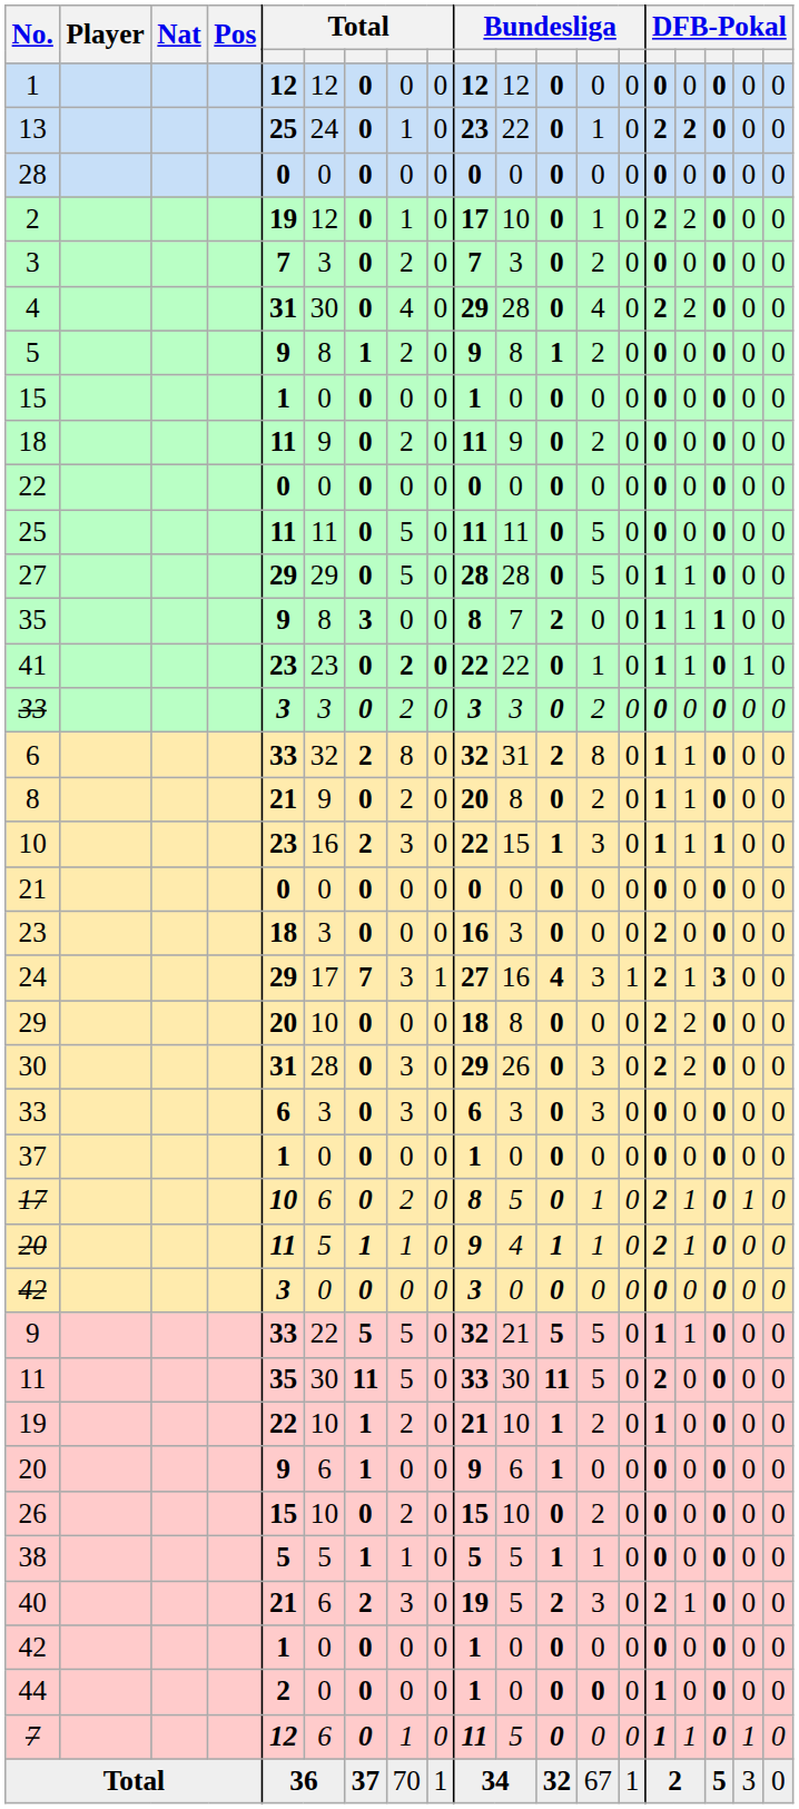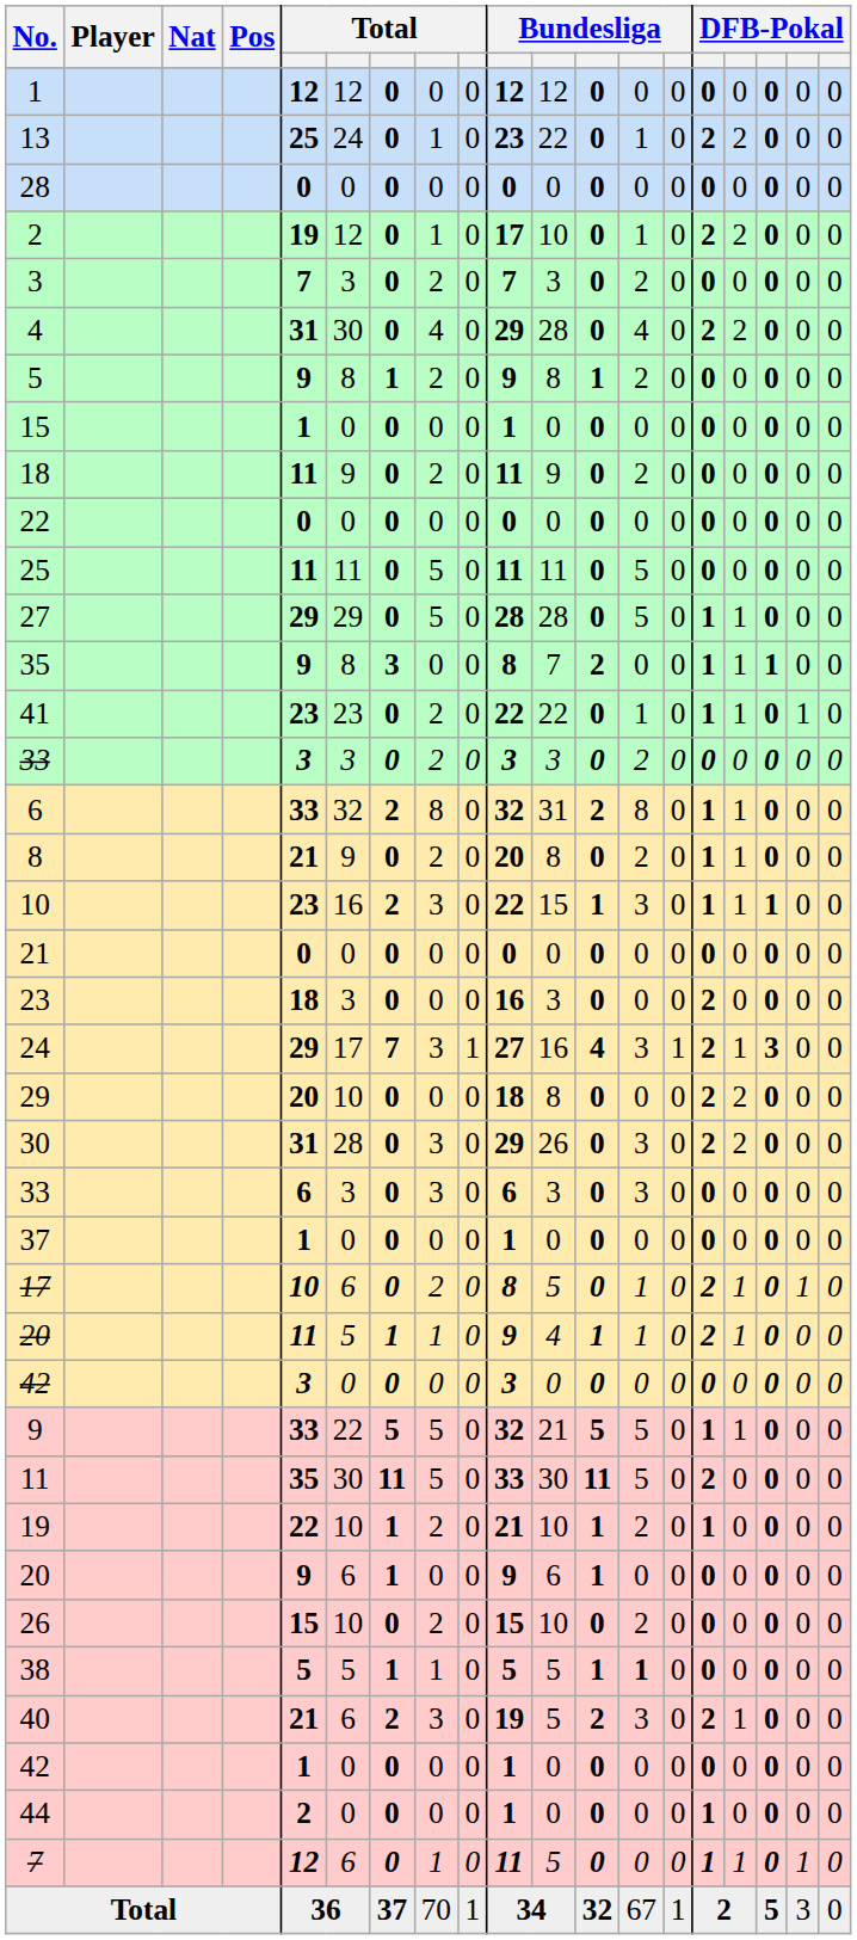 <table class="wikitable mw-datatable sortable nowrap" style=text-align:center>
 <tr>
 <th rowspan="2"><a href='#'>No.</a></th>
 <th rowspan="2">Player</th>
 <th rowspan="2"><a href='#'>Nat</a></th>
 <th rowspan="2" style="border-right: 1pt black solid"><a href='#'>Pos</a></th>
 <th colspan="5" style="border-right: 1pt black solid">Total</th>
 <th colspan="5" style="border-right: 1pt black solid"><a href='#'>Bundesliga</a></th>
 <th colspan="5"><a href='#'>DFB-Pokal</a></th>
 </tr>
 <tr>
 <th></th>
 <th></th>
 <th></th>
 <th></th>
 <th style="border-right: 1pt black solid"></th>
 <th></th>
 <th></th>
 <th></th>
 <th></th>
 <th style="border-right: 1pt black solid"></th>
 <th></th>
 <th></th>
 <th></th>
 <th></th>
 <th></th>
 </tr>
 <tr style="background:#C7DFF8">
 <td>1</td>
 <td align="left"></td>
 <td></td>
 <td style="border-right: 1pt black solid"></td>
 <td><strong>12</strong></td>
 <td>12</td>
 <td><strong>0</strong></td>
 <td>0</td>
 <td style="border-right: 1pt black solid">0</td>
 <td><strong>12</strong></td>
 <td>12</td>
 <td><strong>0</strong></td>
 <td>0</td>
 <td style="border-right: 1pt black solid">0</td>
 <td><strong>0</strong></td>
 <td>0</td>
 <td><strong>0</strong></td>
 <td>0</td>
 <td>0</td>
 </tr>
 <tr style="background:#c7dff8">
 <td>13</td>
 <td align="left"></td>
 <td></td>
 <td style="border-right: 1pt black solid"></td>
 <td><strong>25</strong></td>
 <td>24</td>
 <td><strong>0</strong></td>
 <td>1</td>
 <td style="border-right: 1pt black solid">0</td>
 <td><strong>23</strong></td>
 <td>22</td>
 <td><strong>0</strong></td>
 <td>1</td>
 <td style="border-right: 1pt black solid">0</td>
 <td><strong>2</strong></td>
-<td><strong>2</strong></td>
+<td>2</td>
 <td><strong>0</strong></td>
 <td>0</td>
 <td>0</td>
 </tr>
 <tr style="background:#c7dff8">
 <td>28</td>
 <td align="left"></td>
 <td></td>
 <td style="border-right: 1pt black solid"></td>
 <td><strong>0</strong></td>
 <td>0</td>
 <td><strong>0</strong></td>
 <td>0</td>
 <td style="border-right: 1pt black solid">0</td>
 <td><strong>0</strong></td>
 <td>0</td>
 <td><strong>0</strong></td>
 <td>0</td>
 <td style="border-right: 1pt black solid">0</td>
 <td><strong>0</strong></td>
 <td>0</td>
 <td><strong>0</strong></td>
 <td>0</td>
 <td>0</td>
 </tr>
 <tr style="background:#B9FFC5">
 <td>2</td>
 <td align="left"></td>
 <td></td>
 <td style="border-right: 1pt black solid"></td>
 <td><strong>19</strong></td>
 <td>12</td>
 <td><strong>0</strong></td>
 <td>1</td>
 <td style="border-right: 1pt black solid">0</td>
 <td><strong>17</strong></td>
 <td>10</td>
 <td><strong>0</strong></td>
 <td>1</td>
 <td style="border-right: 1pt black solid">0</td>
 <td><strong>2</strong></td>
 <td>2</td>
 <td><strong>0</strong></td>
 <td>0</td>
 <td>0</td>
 </tr>
 <tr style="background:#B9FFC5">
 <td>3</td>
 <td align="left"></td>
 <td></td>
 <td style="border-right: 1pt black solid"></td>
 <td><strong>7</strong></td>
 <td>3</td>
 <td><strong>0</strong></td>
 <td>2</td>
 <td style="border-right: 1pt black solid">0</td>
 <td><strong>7</strong></td>
 <td>3</td>
 <td><strong>0</strong></td>
 <td>2</td>
 <td style="border-right: 1pt black solid">0</td>
 <td><strong>0</strong></td>
 <td>0</td>
 <td><strong>0</strong></td>
 <td>0</td>
 <td>0</td>
 </tr>
 <tr style="background:#B9FFC5">
 <td>4</td>
 <td align="left"></td>
 <td></td>
 <td style="border-right: 1pt black solid"></td>
 <td><strong>31</strong></td>
 <td>30</td>
 <td><strong>0</strong></td>
 <td>4</td>
 <td style="border-right: 1pt black solid">0</td>
 <td><strong>29</strong></td>
 <td>28</td>
 <td><strong>0</strong></td>
 <td>4</td>
 <td style="border-right: 1pt black solid">0</td>
 <td><strong>2</strong></td>
 <td>2</td>
 <td><strong>0</strong></td>
 <td>0</td>
 <td>0</td>
 </tr>
 <tr style="background:#B9FFC5">
 <td>5</td>
 <td align="left"></td>
 <td></td>
 <td style="border-right: 1pt black solid"></td>
 <td><strong>9</strong></td>
 <td>8</td>
 <td><strong>1</strong></td>
 <td>2</td>
 <td style="border-right: 1pt black solid">0</td>
 <td><strong>9</strong></td>
 <td>8</td>
 <td><strong>1</strong></td>
 <td>2</td>
 <td style="border-right: 1pt black solid">0</td>
 <td><strong>0</strong></td>
 <td>0</td>
 <td><strong>0</strong></td>
 <td>0</td>
 <td>0</td>
 </tr>
 <tr style="background:#B9FFC5">
 <td>15</td>
 <td align="left"></td>
 <td></td>
 <td style="border-right: 1pt black solid"></td>
 <td><strong>1</strong></td>
 <td>0</td>
 <td><strong>0</strong></td>
 <td>0</td>
 <td style="border-right: 1pt black solid">0</td>
 <td><strong>1</strong></td>
 <td>0</td>
 <td><strong>0</strong></td>
 <td>0</td>
 <td style="border-right: 1pt black solid">0</td>
 <td><strong>0</strong></td>
 <td>0</td>
 <td><strong>0</strong></td>
 <td>0</td>
 <td>0</td>
 </tr>
 <tr style="background:#B9FFC5">
 <td>18</td>
 <td align="left"></td>
 <td></td>
 <td style="border-right: 1pt black solid"></td>
 <td><strong>11</strong></td>
 <td>9</td>
 <td><strong>0</strong></td>
 <td>2</td>
 <td style="border-right: 1pt black solid">0</td>
 <td><strong>11</strong></td>
 <td>9</td>
 <td><strong>0</strong></td>
 <td>2</td>
 <td style="border-right: 1pt black solid">0</td>
 <td><strong>0</strong></td>
 <td>0</td>
 <td><strong>0</strong></td>
 <td>0</td>
 <td>0</td>
 </tr>
 <tr style="background:#B9FFC5">
 <td>22</td>
 <td align="left"></td>
 <td></td>
 <td style="border-right: 1pt black solid"></td>
 <td><strong>0</strong></td>
 <td>0</td>
 <td><strong>0</strong></td>
 <td>0</td>
 <td style="border-right: 1pt black solid">0</td>
 <td><strong>0</strong></td>
 <td>0</td>
 <td><strong>0</strong></td>
 <td>0</td>
 <td style="border-right: 1pt black solid">0</td>
 <td><strong>0</strong></td>
 <td>0</td>
 <td><strong>0</strong></td>
 <td>0</td>
 <td>0</td>
 </tr>
 <tr style="background:#B9FFC5">
 <td>25</td>
 <td align="left"></td>
 <td></td>
 <td style="border-right: 1pt black solid"></td>
 <td><strong>11</strong></td>
 <td>11</td>
 <td><strong>0</strong></td>
 <td>5</td>
 <td style="border-right: 1pt black solid">0</td>
 <td><strong>11</strong></td>
 <td>11</td>
 <td><strong>0</strong></td>
 <td>5</td>
 <td style="border-right: 1pt black solid">0</td>
 <td><strong>0</strong></td>
 <td>0</td>
 <td><strong>0</strong></td>
 <td>0</td>
 <td>0</td>
 </tr>
 <tr style="background:#B9FFC5">
 <td>27</td>
 <td align="left"></td>
 <td></td>
 <td style="border-right: 1pt black solid"></td>
 <td><strong>29</strong></td>
 <td>29</td>
 <td><strong>0</strong></td>
 <td>5</td>
 <td style="border-right: 1pt black solid">0</td>
 <td><strong>28</strong></td>
 <td>28</td>
 <td><strong>0</strong></td>
 <td>5</td>
 <td style="border-right: 1pt black solid">0</td>
 <td><strong>1</strong></td>
 <td>1</td>
 <td><strong>0</strong></td>
 <td>0</td>
 <td>0</td>
 </tr>
 <tr style="background:#B9FFC5">
 <td>35</td>
 <td align="left"></td>
 <td></td>
 <td style="border-right: 1pt black solid"></td>
 <td><strong>9</strong></td>
 <td>8</td>
 <td><strong>3</strong></td>
 <td>0</td>
 <td style="border-right: 1pt black solid">0</td>
 <td><strong>8</strong></td>
 <td>7</td>
 <td><strong>2</strong></td>
 <td>0</td>
 <td style="border-right: 1pt black solid">0</td>
 <td><strong>1</strong></td>
 <td>1</td>
 <td><strong>1</strong></td>
 <td>0</td>
 <td>0</td>
 </tr>
 <tr style="background:#B9FFC5">
 <td>41</td>
 <td align="left"></td>
 <td></td>
 <td style="border-right: 1pt black solid"></td>
 <td><strong>23</strong></td>
 <td>23</td>
 <td><strong>0</strong></td>
-<td><strong>2</strong></td>
-<td style="border-right: 1pt black solid"><strong>0</strong></td>
+<td>2</td>
+<td style="border-right: 1pt black solid">0</td>
 <td><strong>22</strong></td>
 <td>22</td>
 <td><strong>0</strong></td>
 <td>1</td>
 <td style="border-right: 1pt black solid">0</td>
 <td><strong>1</strong></td>
 <td>1</td>
 <td><strong>0</strong></td>
 <td>1</td>
 <td>0</td>
 </tr>
 <tr style="font-style:italic; background:#B9FFC5;">
 <td><s>33</s></td>
 <td align="left"></td>
 <td></td>
 <td style="border-right: 1pt black solid"></td>
 <td><strong>3</strong></td>
 <td>3</td>
 <td><strong>0</strong></td>
 <td>2</td>
 <td style="border-right: 1pt black solid">0</td>
 <td><strong>3</strong></td>
 <td>3</td>
 <td><strong>0</strong></td>
 <td>2</td>
 <td style="border-right: 1pt black solid">0</td>
 <td><strong>0</strong></td>
 <td>0</td>
 <td><strong>0</strong></td>
 <td>0</td>
 <td>0</td>
 </tr>
 <tr style="background:#FFEBAD">
 <td>6</td>
 <td align="left"></td>
 <td></td>
 <td style="border-right: 1pt black solid"></td>
 <td><strong>33</strong></td>
 <td>32</td>
 <td><strong>2</strong></td>
 <td>8</td>
 <td style="border-right: 1pt black solid">0</td>
 <td><strong>32</strong></td>
 <td>31</td>
 <td><strong>2</strong></td>
 <td>8</td>
 <td style="border-right: 1pt black solid">0</td>
 <td><strong>1</strong></td>
 <td>1</td>
 <td><strong>0</strong></td>
 <td>0</td>
 <td>0</td>
 </tr>
 <tr style="background:#FFEBAD">
 <td>8</td>
 <td align="left"></td>
 <td></td>
 <td style="border-right: 1pt black solid"></td>
 <td><strong>21</strong></td>
 <td>9</td>
 <td><strong>0</strong></td>
 <td>2</td>
 <td style="border-right: 1pt black solid">0</td>
 <td><strong>20</strong></td>
 <td>8</td>
 <td><strong>0</strong></td>
 <td>2</td>
 <td style="border-right: 1pt black solid">0</td>
 <td><strong>1</strong></td>
 <td>1</td>
 <td><strong>0</strong></td>
 <td>0</td>
 <td>0</td>
 </tr>
 <tr style="background:#FFEBAD">
 <td>10</td>
 <td align="left"></td>
 <td></td>
 <td style="border-right: 1pt black solid"></td>
 <td><strong>23</strong></td>
 <td>16</td>
 <td><strong>2</strong></td>
 <td>3</td>
 <td style="border-right: 1pt black solid">0</td>
 <td><strong>22</strong></td>
 <td>15</td>
 <td><strong>1</strong></td>
 <td>3</td>
 <td style="border-right: 1pt black solid">0</td>
 <td><strong>1</strong></td>
 <td>1</td>
 <td><strong>1</strong></td>
 <td>0</td>
 <td>0</td>
 </tr>
 <tr style="background:#FFEBAD">
 <td>21</td>
 <td align="left"></td>
 <td></td>
 <td style="border-right: 1pt black solid"></td>
 <td><strong>0</strong></td>
 <td>0</td>
 <td><strong>0</strong></td>
 <td>0</td>
 <td style="border-right: 1pt black solid">0</td>
 <td><strong>0</strong></td>
 <td>0</td>
 <td><strong>0</strong></td>
 <td>0</td>
 <td style="border-right: 1pt black solid">0</td>
 <td><strong>0</strong></td>
 <td>0</td>
 <td><strong>0</strong></td>
 <td>0</td>
 <td>0</td>
 </tr>
 <tr style="background:#FFEBAD">
 <td>23</td>
 <td align="left"></td>
 <td></td>
 <td style="border-right: 1pt black solid"></td>
 <td><strong>18</strong></td>
 <td>3</td>
 <td><strong>0</strong></td>
 <td>0</td>
 <td style="border-right: 1pt black solid">0</td>
 <td><strong>16</strong></td>
 <td>3</td>
 <td><strong>0</strong></td>
 <td>0</td>
 <td style="border-right: 1pt black solid">0</td>
 <td><strong>2</strong></td>
 <td>0</td>
 <td><strong>0</strong></td>
 <td>0</td>
 <td>0</td>
 </tr>
 <tr style="background:#FFEBAD">
 <td>24</td>
 <td align="left"></td>
 <td></td>
 <td style="border-right: 1pt black solid"></td>
 <td><strong>29</strong></td>
 <td>17</td>
 <td><strong>7</strong></td>
 <td>3</td>
 <td style="border-right: 1pt black solid">1</td>
 <td><strong>27</strong></td>
 <td>16</td>
 <td><strong>4</strong></td>
 <td>3</td>
 <td style="border-right: 1pt black solid">1</td>
 <td><strong>2</strong></td>
 <td>1</td>
 <td><strong>3</strong></td>
 <td>0</td>
 <td>0</td>
 </tr>
 <tr style="background:#FFEBAD">
 <td>29</td>
 <td align="left"></td>
 <td></td>
 <td style="border-right: 1pt black solid"></td>
 <td><strong>20</strong></td>
 <td>10</td>
 <td><strong>0</strong></td>
 <td>0</td>
 <td style="border-right: 1pt black solid">0</td>
 <td><strong>18</strong></td>
 <td>8</td>
 <td><strong>0</strong></td>
 <td>0</td>
 <td style="border-right: 1pt black solid">0</td>
 <td><strong>2</strong></td>
 <td>2</td>
 <td><strong>0</strong></td>
 <td>0</td>
 <td>0</td>
 </tr>
 <tr style="background:#FFEBAD">
 <td>30</td>
 <td align="left"></td>
 <td></td>
 <td style="border-right: 1pt black solid"></td>
 <td><strong>31</strong></td>
 <td>28</td>
 <td><strong>0</strong></td>
 <td>3</td>
 <td style="border-right: 1pt black solid">0</td>
 <td><strong>29</strong></td>
 <td>26</td>
 <td><strong>0</strong></td>
 <td>3</td>
 <td style="border-right: 1pt black solid">0</td>
 <td><strong>2</strong></td>
 <td>2</td>
 <td><strong>0</strong></td>
 <td>0</td>
 <td>0</td>
 </tr>
 <tr style="background:#FFEBAD">
 <td>33</td>
 <td align="left"></td>
 <td></td>
 <td style="border-right: 1pt black solid"></td>
 <td><strong>6</strong></td>
 <td>3</td>
 <td><strong>0</strong></td>
 <td>3</td>
 <td style="border-right: 1pt black solid">0</td>
 <td><strong>6</strong></td>
 <td>3</td>
 <td><strong>0</strong></td>
 <td>3</td>
 <td style="border-right: 1pt black solid">0</td>
 <td><strong>0</strong></td>
 <td>0</td>
 <td><strong>0</strong></td>
 <td>0</td>
 <td>0</td>
 </tr>
 <tr style="background:#FFEBAD">
 <td>37</td>
 <td align="left"></td>
 <td></td>
 <td style="border-right: 1pt black solid"></td>
 <td><strong>1</strong></td>
 <td>0</td>
 <td><strong>0</strong></td>
 <td>0</td>
 <td style="border-right: 1pt black solid">0</td>
 <td><strong>1</strong></td>
 <td>0</td>
 <td><strong>0</strong></td>
 <td>0</td>
 <td style="border-right: 1pt black solid">0</td>
 <td><strong>0</strong></td>
 <td>0</td>
 <td><strong>0</strong></td>
 <td>0</td>
 <td>0</td>
 </tr>
 <tr style="font-style:italic; background:#FFEBAD;">
 <td><s>17</s></td>
 <td align="left"></td>
 <td></td>
 <td style="border-right: 1pt black solid"></td>
 <td><strong>10</strong></td>
 <td>6</td>
 <td><strong>0</strong></td>
 <td>2</td>
 <td style="border-right: 1pt black solid">0</td>
 <td><strong>8</strong></td>
 <td>5</td>
 <td><strong>0</strong></td>
 <td>1</td>
 <td style="border-right: 1pt black solid">0</td>
 <td><strong>2</strong></td>
 <td>1</td>
 <td><strong>0</strong></td>
 <td>1</td>
 <td>0</td>
 </tr>
 <tr style="font-style:italic; background:#FFEBAD;">
 <td><s>20</s></td>
 <td align="left"></td>
 <td></td>
 <td style="border-right: 1pt black solid"></td>
 <td><strong>11</strong></td>
 <td>5</td>
 <td><strong>1</strong></td>
 <td>1</td>
 <td style="border-right: 1pt black solid">0</td>
 <td><strong>9</strong></td>
 <td>4</td>
 <td><strong>1</strong></td>
 <td>1</td>
 <td style="border-right: 1pt black solid">0</td>
 <td><strong>2</strong></td>
 <td>1</td>
 <td><strong>0</strong></td>
 <td>0</td>
 <td>0</td>
 </tr>
 <tr style="font-style:italic; background:#FFEBAD;">
 <td><s>42</s></td>
 <td align="left"></td>
 <td></td>
 <td style="border-right: 1pt black solid"></td>
 <td><strong>3</strong></td>
 <td>0</td>
 <td><strong>0</strong></td>
 <td>0</td>
 <td style="border-right: 1pt black solid">0</td>
 <td><strong>3</strong></td>
 <td>0</td>
 <td><strong>0</strong></td>
 <td>0</td>
 <td style="border-right: 1pt black solid">0</td>
 <td><strong>0</strong></td>
 <td>0</td>
 <td><strong>0</strong></td>
 <td>0</td>
 <td>0</td>
 </tr>
 <tr style="background:#FFCBCB">
 <td>9</td>
 <td align="left"></td>
 <td></td>
 <td style="border-right: 1pt black solid"></td>
 <td><strong>33</strong></td>
 <td>22</td>
 <td><strong>5</strong></td>
 <td>5</td>
 <td style="border-right: 1pt black solid">0</td>
 <td><strong>32</strong></td>
 <td>21</td>
 <td><strong>5</strong></td>
 <td>5</td>
 <td style="border-right: 1pt black solid">0</td>
 <td><strong>1</strong></td>
 <td>1</td>
 <td><strong>0</strong></td>
 <td>0</td>
 <td>0</td>
 </tr>
 <tr style="background:#FFCBCB">
 <td>11</td>
 <td align="left"></td>
 <td></td>
 <td style="border-right: 1pt black solid"></td>
 <td><strong>35</strong></td>
 <td>30</td>
 <td><strong>11</strong></td>
 <td>5</td>
 <td style="border-right: 1pt black solid">0</td>
 <td><strong>33</strong></td>
 <td>30</td>
 <td><strong>11</strong></td>
 <td>5</td>
 <td style="border-right: 1pt black solid">0</td>
 <td><strong>2</strong></td>
 <td>0</td>
 <td><strong>0</strong></td>
 <td>0</td>
 <td>0</td>
 </tr>
 <tr style="background:#FFCBCB">
 <td>19</td>
 <td align="left"></td>
 <td></td>
 <td style="border-right: 1pt black solid"></td>
 <td><strong>22</strong></td>
 <td>10</td>
 <td><strong>1</strong></td>
 <td>2</td>
 <td style="border-right: 1pt black solid">0</td>
 <td><strong>21</strong></td>
 <td>10</td>
 <td><strong>1</strong></td>
 <td>2</td>
 <td style="border-right: 1pt black solid">0</td>
 <td><strong>1</strong></td>
 <td>0</td>
 <td><strong>0</strong></td>
 <td>0</td>
 <td>0</td>
 </tr>
 <tr style="background:#FFCBCB">
 <td>20</td>
 <td align="left"></td>
 <td></td>
 <td style="border-right: 1pt black solid"></td>
 <td><strong>9</strong></td>
 <td>6</td>
 <td><strong>1</strong></td>
 <td>0</td>
 <td style="border-right: 1pt black solid">0</td>
 <td><strong>9</strong></td>
 <td>6</td>
 <td><strong>1</strong></td>
 <td>0</td>
 <td style="border-right: 1pt black solid">0</td>
 <td><strong>0</strong></td>
 <td>0</td>
 <td><strong>0</strong></td>
 <td>0</td>
 <td>0</td>
 </tr>
 <tr style="background:#FFCBCB">
 <td>26</td>
 <td align="left"></td>
 <td></td>
 <td style="border-right: 1pt black solid"></td>
 <td><strong>15</strong></td>
 <td>10</td>
 <td><strong>0</strong></td>
 <td>2</td>
 <td style="border-right: 1pt black solid">0</td>
 <td><strong>15</strong></td>
 <td>10</td>
 <td><strong>0</strong></td>
 <td>2</td>
 <td style="border-right: 1pt black solid">0</td>
 <td><strong>0</strong></td>
 <td>0</td>
 <td><strong>0</strong></td>
 <td>0</td>
 <td>0</td>
 </tr>
 <tr style="background:#FFCBCB">
 <td>38</td>
 <td align="left"></td>
 <td></td>
 <td style="border-right: 1pt black solid"></td>
 <td><strong>5</strong></td>
 <td>5</td>
 <td><strong>1</strong></td>
 <td>1</td>
 <td style="border-right: 1pt black solid">0</td>
 <td><strong>5</strong></td>
 <td>5</td>
 <td><strong>1</strong></td>
-<td>1</td>
+<td><strong>1</strong></td>
 <td style="border-right: 1pt black solid">0</td>
 <td><strong>0</strong></td>
 <td>0</td>
 <td><strong>0</strong></td>
 <td>0</td>
 <td>0</td>
 </tr>
 <tr style="background:#FFCBCB">
 <td>40</td>
 <td align="left"></td>
 <td></td>
 <td style="border-right: 1pt black solid"></td>
 <td><strong>21</strong></td>
 <td>6</td>
 <td><strong>2</strong></td>
 <td>3</td>
 <td style="border-right: 1pt black solid">0</td>
 <td><strong>19</strong></td>
 <td>5</td>
 <td><strong>2</strong></td>
 <td>3</td>
 <td style="border-right: 1pt black solid">0</td>
 <td><strong>2</strong></td>
 <td>1</td>
 <td><strong>0</strong></td>
 <td>0</td>
 <td>0</td>
 </tr>
 <tr style="background:#FFCBCB">
 <td>42</td>
 <td align="left"></td>
 <td></td>
 <td style="border-right: 1pt black solid"></td>
 <td><strong>1</strong></td>
 <td>0</td>
 <td><strong>0</strong></td>
 <td>0</td>
 <td style="border-right: 1pt black solid">0</td>
 <td><strong>1</strong></td>
 <td>0</td>
 <td><strong>0</strong></td>
 <td>0</td>
 <td style="border-right: 1pt black solid">0</td>
 <td><strong>0</strong></td>
 <td>0</td>
 <td><strong>0</strong></td>
 <td>0</td>
 <td>0</td>
 </tr>
 <tr style="background:#FFCBCB">
 <td>44</td>
 <td align="left"></td>
 <td></td>
 <td style="border-right: 1pt black solid"></td>
 <td><strong>2</strong></td>
 <td>0</td>
 <td><strong>0</strong></td>
 <td>0</td>
 <td style="border-right: 1pt black solid">0</td>
 <td><strong>1</strong></td>
 <td>0</td>
 <td><strong>0</strong></td>
-<td><strong>0</strong></td>
+<td>0</td>
 <td style="border-right: 1pt black solid">0</td>
 <td><strong>1</strong></td>
 <td>0</td>
 <td><strong>0</strong></td>
 <td>0</td>
 <td>0</td>
 </tr>
 <tr style="font-style:italic; background:#FFCBCB;">
 <td><s>7</s></td>
 <td align="left"></td>
 <td></td>
 <td style="border-right: 1pt black solid"></td>
 <td><strong>12</strong></td>
 <td>6</td>
 <td><strong>0</strong></td>
 <td>1</td>
 <td style="border-right: 1pt black solid">0</td>
 <td><strong>11</strong></td>
 <td>5</td>
 <td><strong>0</strong></td>
 <td>0</td>
 <td style="border-right: 1pt black solid">0</td>
 <td><strong>1</strong></td>
 <td>1</td>
 <td><strong>0</strong></td>
 <td>1</td>
 <td>0</td>
 </tr>
 <tr class="sortbottom" style="background:#EFEFEF">
 <td colspan="4" style="border-right: 1pt black solid"><strong>Total</strong></td>
 <td colspan="2"><strong>36</strong></td>
 <td><strong>37</strong></td>
 <td>70</td>
 <td style="border-right: 1pt black solid">1</td>
 <td colspan="2"><strong>34</strong></td>
 <td><strong>32</strong></td>
 <td>67</td>
 <td style="border-right: 1pt black solid">1</td>
 <td colspan="2"><strong>2</strong></td>
 <td><strong>5</strong></td>
 <td>3</td>
 <td>0</td>
 </tr>
 </table>
